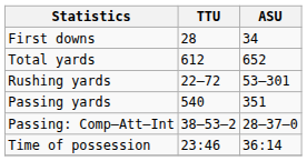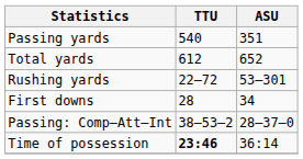 <table class="wikitable" style="float: left;">
 <tr>
 <th>Statistics</th>
 <th>TTU</th>
 <th>ASU</th>
 </tr>
 <tr>
-<td>First downs</td>
-<td>28</td>
-<td>34</td>
+<td>Passing yards</td>
+<td>540</td>
+<td>351</td>
 </tr>
 <tr>
 <td>Total yards</td>
 <td>612</td>
 <td>652</td>
 </tr>
 <tr>
 <td>Rushing yards</td>
 <td>22–72</td>
 <td>53–301</td>
 </tr>
 <tr>
-<td>Passing yards</td>
-<td>540</td>
-<td>351</td>
+<td>First downs</td>
+<td>28</td>
+<td>34</td>
 </tr>
 <tr>
 <td>Passing: Comp–Att–Int</td>
 <td>38–53–2</td>
 <td>28–37–0</td>
 </tr>
 <tr>
 <td>Time of possession</td>
-<td>23:46</td>
+<td><strong>23:46</strong></td>
 <td>36:14</td>
 </tr>
 <tr>
 </tr>
 </table>
